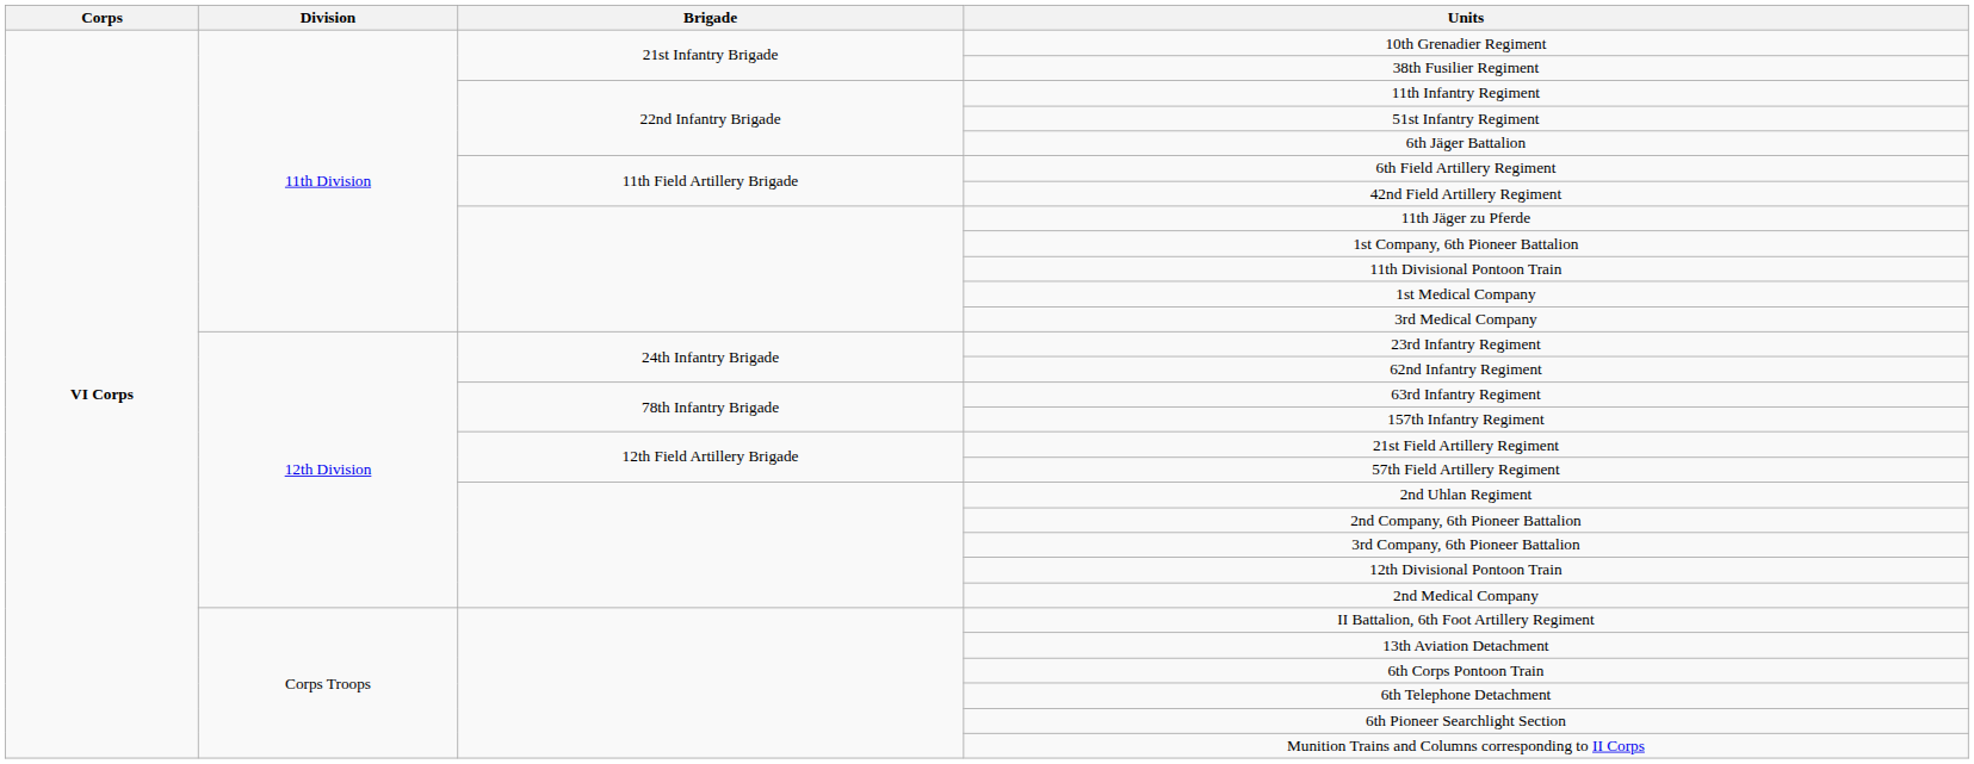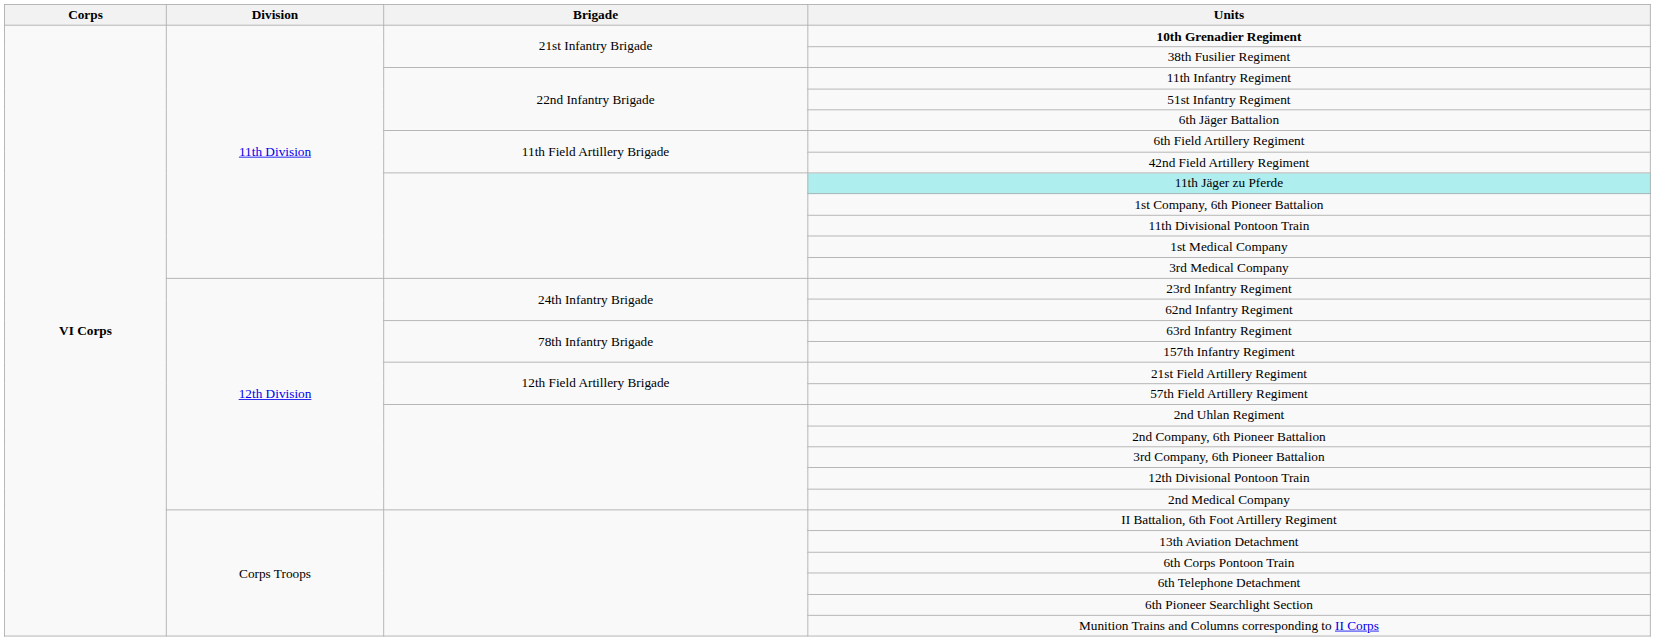 <table class="wikitable collapsible collapsed" style="text-align:center; width:100%;">
 <tr>
 <th>Corps</th>
 <th>Division</th>
 <th>Brigade</th>
 <th>Units</th>
 </tr>
 <tr>
 <td ROWSPAN=29><strong>VI Corps</strong></td>
 <td ROWSPAN=12><a href='#'>11th Division</a></td>
 <td ROWSPAN=2>21st Infantry Brigade</td>
-<td>10th Grenadier Regiment</td>
+<td><strong>10th Grenadier Regiment</strong></td>
 </tr>
 <tr>
 <td>38th Fusilier Regiment</td>
 </tr>
 <tr>
 <td ROWSPAN=3>22nd Infantry Brigade</td>
 <td>11th Infantry Regiment</td>
 </tr>
 <tr>
 <td>51st Infantry Regiment</td>
 </tr>
 <tr>
 <td>6th Jäger Battalion</td>
 </tr>
 <tr>
 <td ROWSPAN=2>11th Field Artillery Brigade</td>
 <td>6th Field Artillery Regiment</td>
 </tr>
 <tr>
 <td>42nd Field Artillery Regiment</td>
 </tr>
 <tr>
 <td ROWSPAN=5></td>
-<td>11th Jäger zu Pferde</td>
+<td style="background: paleturquoise;">11th Jäger zu Pferde</td>
 </tr>
 <tr>
 <td>1st Company, 6th Pioneer Battalion</td>
 </tr>
 <tr>
 <td>11th Divisional Pontoon Train</td>
 </tr>
 <tr>
 <td>1st Medical Company</td>
 </tr>
 <tr>
 <td>3rd Medical Company</td>
 </tr>
 <tr>
 <td ROWSPAN=11><a href='#'>12th Division</a></td>
 <td ROWSPAN=2>24th Infantry Brigade</td>
 <td>23rd Infantry Regiment</td>
 </tr>
 <tr>
 <td>62nd Infantry Regiment</td>
 </tr>
 <tr>
 <td ROWSPAN=2>78th Infantry Brigade</td>
 <td>63rd Infantry Regiment</td>
 </tr>
 <tr>
 <td>157th Infantry Regiment</td>
 </tr>
 <tr>
 <td ROWSPAN=2>12th Field Artillery Brigade</td>
 <td>21st Field Artillery Regiment</td>
 </tr>
 <tr>
 <td>57th Field Artillery Regiment</td>
 </tr>
 <tr>
 <td ROWSPAN=5></td>
 <td>2nd Uhlan Regiment</td>
 </tr>
 <tr>
 <td>2nd Company, 6th Pioneer Battalion</td>
 </tr>
 <tr>
 <td>3rd Company, 6th Pioneer Battalion</td>
 </tr>
 <tr>
 <td>12th Divisional Pontoon Train</td>
 </tr>
 <tr>
 <td>2nd Medical Company</td>
 </tr>
 <tr>
 <td ROWSPAN=6>Corps Troops</td>
 <td ROWSPAN=6></td>
 <td>II Battalion, 6th Foot Artillery Regiment</td>
 </tr>
 <tr>
 <td>13th Aviation Detachment</td>
 </tr>
 <tr>
 <td>6th Corps Pontoon Train</td>
 </tr>
 <tr>
 <td>6th Telephone Detachment</td>
 </tr>
 <tr>
 <td>6th Pioneer Searchlight Section</td>
 </tr>
 <tr>
 <td>Munition Trains and Columns corresponding to <a href='#'>II Corps</a></td>
 </tr>
 </table>
